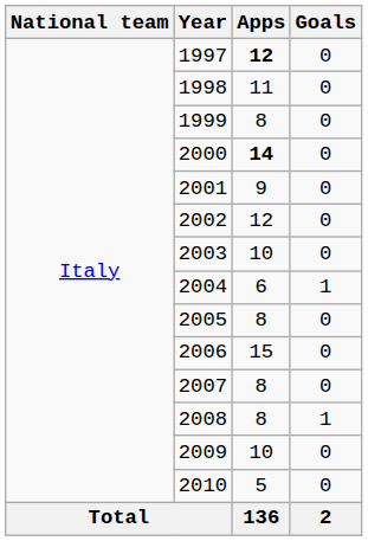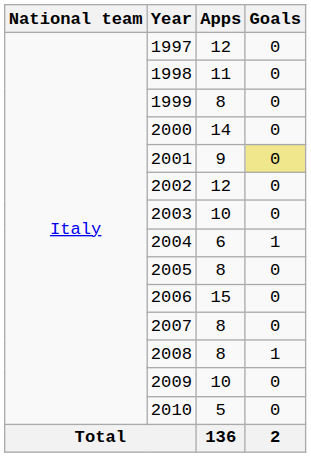 <table class="wikitable" style="text-align:center">
 <tr>
 <th>National team</th>
 <th>Year</th>
 <th>Apps</th>
 <th>Goals</th>
 </tr>
 <tr>
 <td rowspan="14"><a href='#'>Italy</a></td>
 <td>1997</td>
-<td><strong>12</strong></td>
+<td>12</td>
 <td>0</td>
 </tr>
 <tr>
 <td>1998</td>
 <td>11</td>
 <td>0</td>
 </tr>
 <tr>
 <td>1999</td>
 <td>8</td>
 <td>0</td>
 </tr>
 <tr>
 <td>2000</td>
-<td><strong>14</strong></td>
+<td>14</td>
 <td>0</td>
 </tr>
 <tr>
 <td>2001</td>
 <td>9</td>
-<td>0</td>
+<td style="background: khaki;">0</td>
 </tr>
 <tr>
 <td>2002</td>
 <td>12</td>
 <td>0</td>
 </tr>
 <tr>
 <td>2003</td>
 <td>10</td>
 <td>0</td>
 </tr>
 <tr>
 <td>2004</td>
 <td>6</td>
 <td>1</td>
 </tr>
 <tr>
 <td>2005</td>
 <td>8</td>
 <td>0</td>
 </tr>
 <tr>
 <td>2006</td>
 <td>15</td>
 <td>0</td>
 </tr>
 <tr>
 <td>2007</td>
 <td>8</td>
 <td>0</td>
 </tr>
 <tr>
 <td>2008</td>
 <td>8</td>
 <td>1</td>
 </tr>
 <tr>
 <td>2009</td>
 <td>10</td>
 <td>0</td>
 </tr>
 <tr>
 <td>2010</td>
 <td>5</td>
 <td>0</td>
 </tr>
 <tr>
 <th colspan="2">Total</th>
 <th>136</th>
 <th>2</th>
 </tr>
 </table>
